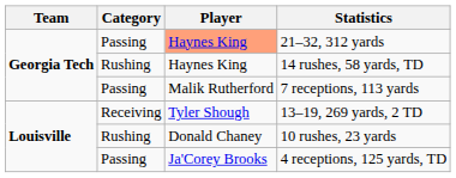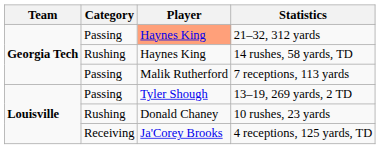 <table class="wikitable" style="float: right;">
 <tr>
 <th>Team</th>
 <th>Category</th>
 <th>Player</th>
 <th>Statistics</th>
 </tr>
 <tr>
 <td rowspan=3><strong>Georgia Tech</strong></td>
 <td>Passing</td>
 <td style="background: lightsalmon;"><a href='#'>Haynes King</a></td>
 <td>21–32, 312 yards</td>
 </tr>
 <tr>
 <td>Rushing</td>
 <td>Haynes King</td>
 <td>14 rushes, 58 yards, TD</td>
 </tr>
 <tr>
 <td>Passing</td>
 <td>Malik Rutherford</td>
 <td>7 receptions, 113 yards</td>
 </tr>
 <tr>
 <td rowspan=3><strong>Louisville</strong></td>
-<td>Receiving</td>
+<td>Passing</td>
 <td><a href='#'>Tyler Shough</a></td>
 <td>13–19, 269 yards, 2 TD</td>
 </tr>
 <tr>
 <td>Rushing</td>
 <td>Donald Chaney</td>
 <td>10 rushes, 23 yards</td>
 </tr>
 <tr>
-<td>Passing</td>
+<td>Receiving</td>
 <td><a href='#'>Ja'Corey Brooks</a></td>
 <td>4 receptions, 125 yards, TD</td>
 </tr>
 </table>
